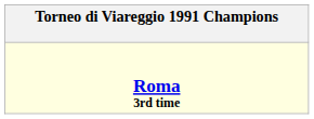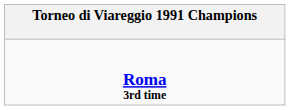 <table class="wikitable" style="margin: 0 auto; width: 30%;">
 <tr>
 <th><big>Torneo di Viareggio 1991 Champions</big><br><br></th>
 </tr>
 <tr>
-<td align=center style="background: lightyellow;"><br><br><big><big><strong><a href='#'>Roma</a></strong><br></big></big><strong>3rd time</strong></td>
+<td align=center><br><br><big><big><strong><a href='#'>Roma</a></strong><br></big></big><strong>3rd time</strong></td>
 </tr>
 </table>
